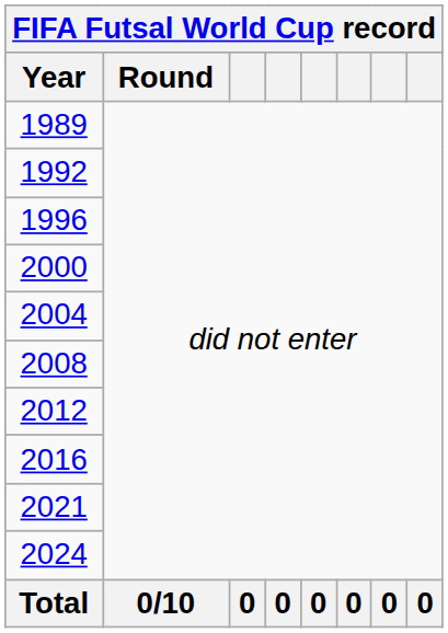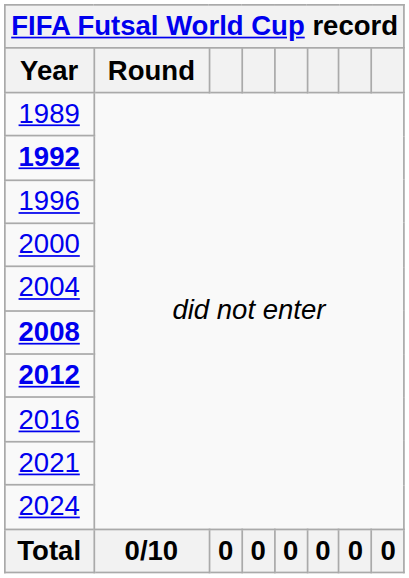 <table class="wikitable" style="text-align:center">
 <tr>
 <th colspan=8><a href='#'>FIFA Futsal World Cup</a> record</th>
 </tr>
 <tr>
 <th>Year</th>
 <th>Round</th>
 <th></th>
 <th></th>
 <th></th>
 <th></th>
 <th></th>
 <th></th>
 </tr>
 <tr>
 <td> <a href='#'>1989</a></td>
 <td rowspan=10; colspan=7><em>did not enter</em></td>
 </tr>
 <tr>
-<td> <a href='#'>1992</a></td>
+<td><strong> <a href='#'>1992</a></strong></td>
 </tr>
 <tr>
 <td> <a href='#'>1996</a></td>
 </tr>
 <tr>
 <td> <a href='#'>2000</a></td>
 </tr>
 <tr>
 <td> <a href='#'>2004</a></td>
 </tr>
 <tr>
-<td> <a href='#'>2008</a></td>
+<td><strong> <a href='#'>2008</a></strong></td>
 </tr>
 <tr>
-<td> <a href='#'>2012</a></td>
+<td><strong> <a href='#'>2012</a></strong></td>
 </tr>
 <tr>
 <td> <a href='#'>2016</a></td>
 </tr>
 <tr>
 <td> <a href='#'>2021</a></td>
 </tr>
 <tr>
 <td> <a href='#'>2024</a></td>
 </tr>
 <tr>
 <th><strong>Total</strong></th>
 <th>0/10</th>
 <th>0</th>
 <th>0</th>
 <th>0</th>
 <th>0</th>
 <th>0</th>
 <th>0</th>
 </tr>
 </table>
